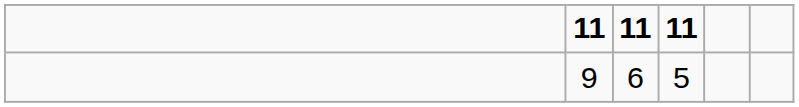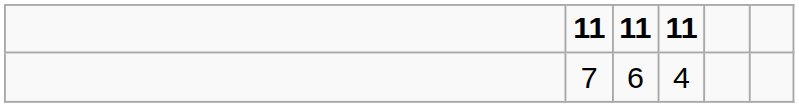 <table class="wikitable">
 <tr>
 <td style="width:18em"><strong></strong></td>
 <td align=center style="width:1em"><strong>11</strong></td>
 <td align=center style="width:1em"><strong>11</strong></td>
 <td align=center style="width:1em"><strong>11</strong></td>
 <td align=center style="width:1em"></td>
 <td align=center style="width:1em"></td>
 </tr>
 <tr>
 <td style="width:18em"></td>
-<td align=center style="width:1em">9</td>
+<td align=center style="width:1em">7</td>
 <td align=center style="width:1em">6</td>
-<td align=center style="width:1em">5</td>
+<td align=center style="width:1em">4</td>
 <td align=center style="width:1em"></td>
 <td align=center style="width:1em"></td>
 </tr>
 </table>
